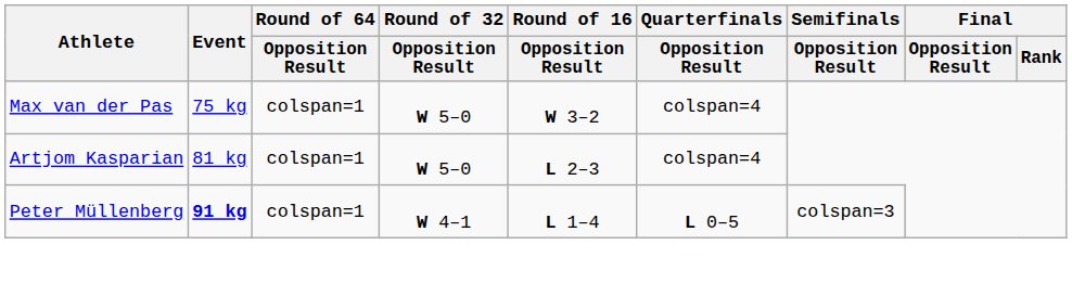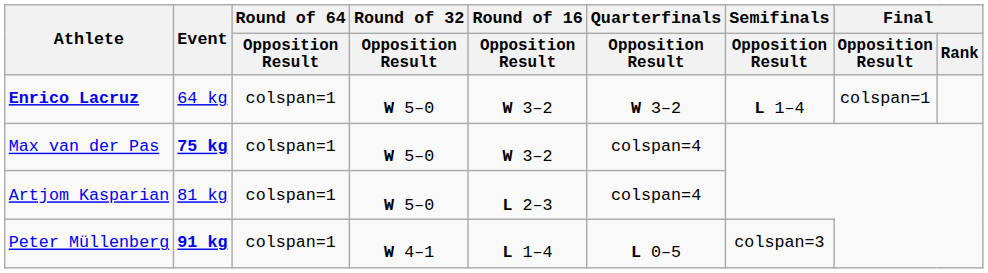 <table class="wikitable" style="text-align:center; font-size:90%">
 <tr>
 <th rowspan=2>Athlete</th>
 <th rowspan=2>Event</th>
 <th>Round of 64</th>
 <th>Round of 32</th>
 <th>Round of 16</th>
 <th>Quarterfinals</th>
 <th>Semifinals</th>
 <th colspan=2>Final</th>
 </tr>
 <tr style="font-size:95%">
 <th>Opposition<br>Result</th>
 <th>Opposition<br>Result</th>
 <th>Opposition<br>Result</th>
 <th>Opposition<br>Result</th>
 <th>Opposition<br>Result</th>
 <th>Opposition<br>Result</th>
 <th>Rank</th>
 </tr>
 <tr>
+<td align=left><strong><a href='#'>Enrico Lacruz</a></strong></td>
+<td align=left><a href='#'>64 kg</a></td>
+<td>colspan=1 </td>
+<td><br><strong>W</strong> 5–0</td>
+<td><br><strong>W</strong> 3–2</td>
+<td><br><strong>W</strong> 3–2</td>
+<td><br><strong>L</strong> 1–4</td>
+<td>colspan=1 </td>
+<td></td>
+</tr>
+<tr>
 <td align=left><a href='#'>Max van der Pas</a></td>
-<td align=left><a href='#'>75 kg</a></td>
+<td align=left><strong><a href='#'>75 kg</a></strong></td>
 <td>colspan=1 </td>
 <td><br><strong>W</strong> 5–0</td>
 <td><br><strong>W</strong> 3–2</td>
 <td>colspan=4 </td>
 </tr>
 <tr>
 <td align=left><a href='#'>Artjom Kasparian</a></td>
 <td align=left><a href='#'>81 kg</a></td>
 <td>colspan=1 </td>
 <td><br><strong>W</strong> 5–0</td>
 <td><br><strong>L</strong> 2–3</td>
 <td>colspan=4 </td>
 </tr>
 <tr>
 <td align=left><a href='#'>Peter Müllenberg</a></td>
 <td align=left><strong><a href='#'>91 kg</a></strong></td>
 <td>colspan=1 </td>
 <td><br><strong>W</strong> 4–1</td>
 <td><br><strong>L</strong> 1–4</td>
 <td><br><strong>L</strong> 0–5</td>
 <td>colspan=3 </td>
 </tr>
 </table>
